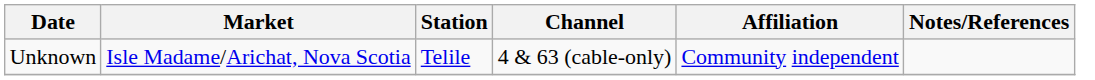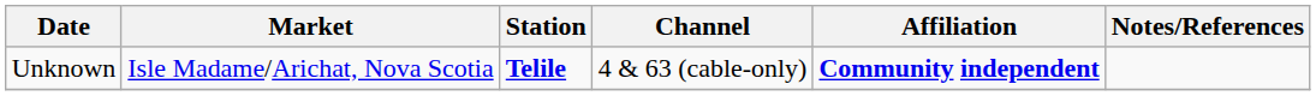 <table class="wikitable">
 <tr>
 <th>Date</th>
 <th>Market</th>
 <th>Station</th>
 <th>Channel</th>
 <th>Affiliation</th>
 <th>Notes/References</th>
 </tr>
 <tr>
 <td>Unknown</td>
 <td><a href='#'>Isle Madame</a>/<a href='#'>Arichat, Nova Scotia</a></td>
-<td><a href='#'>Telile</a></td>
+<td><strong><a href='#'>Telile</a></strong></td>
 <td>4 & 63 (cable-only)</td>
-<td><a href='#'>Community</a> <a href='#'>independent</a></td>
+<td><strong><a href='#'>Community</a> <a href='#'>independent</a></strong></td>
 <td></td>
 </tr>
 <tr>
 </tr>
 </table>
